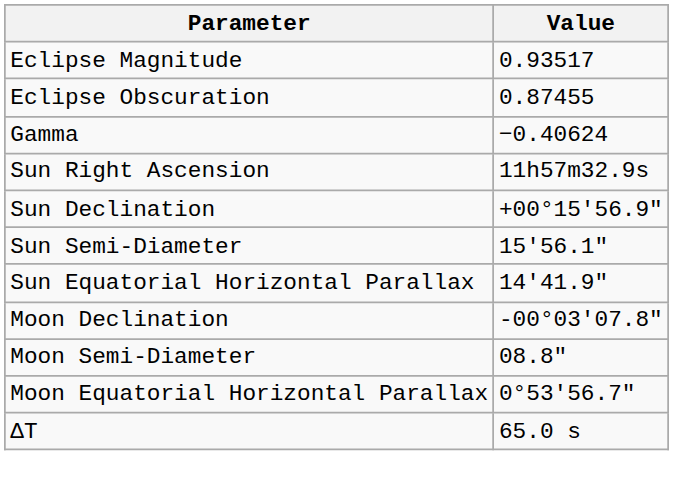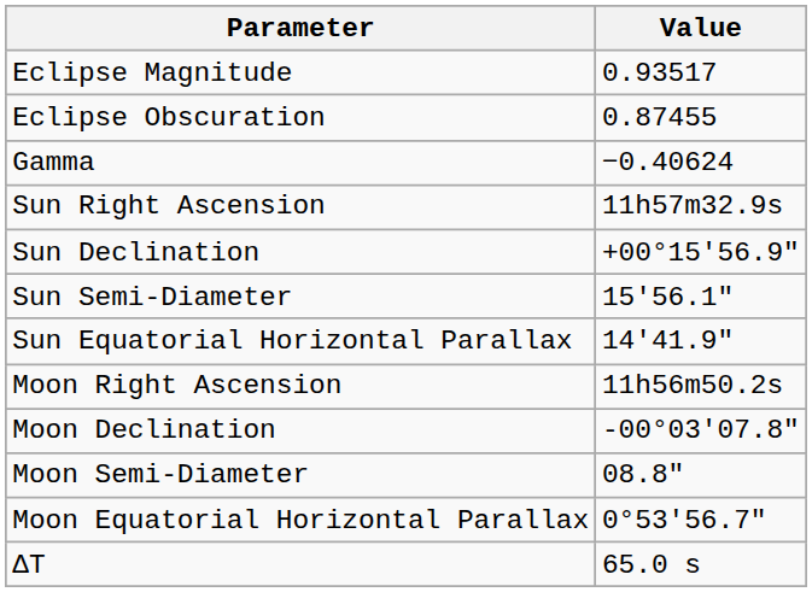 <table class="wikitable">
 <tr>
 <th>Parameter</th>
 <th>Value</th>
 </tr>
 <tr>
 <td>Eclipse Magnitude</td>
 <td>0.93517</td>
 </tr>
 <tr>
 <td>Eclipse Obscuration</td>
 <td>0.87455</td>
 </tr>
 <tr>
 <td>Gamma</td>
 <td>−0.40624</td>
 </tr>
 <tr>
 <td>Sun Right Ascension</td>
 <td>11h57m32.9s</td>
 </tr>
 <tr>
 <td>Sun Declination</td>
 <td>+00°15'56.9"</td>
 </tr>
 <tr>
 <td>Sun Semi-Diameter</td>
 <td>15'56.1"</td>
 </tr>
 <tr>
 <td>Sun Equatorial Horizontal Parallax</td>
 <td>14'41.9"</td>
 </tr>
 <tr>
+<td>Moon Right Ascension</td>
+<td>11h56m50.2s</td>
+</tr>
+<tr>
 <td>Moon Declination</td>
 <td>-00°03'07.8"</td>
 </tr>
 <tr>
 <td>Moon Semi-Diameter</td>
 <td>08.8"</td>
 </tr>
 <tr>
 <td>Moon Equatorial Horizontal Parallax</td>
 <td>0°53'56.7"</td>
 </tr>
 <tr>
 <td>ΔT</td>
 <td>65.0 s</td>
 </tr>
 </table>
